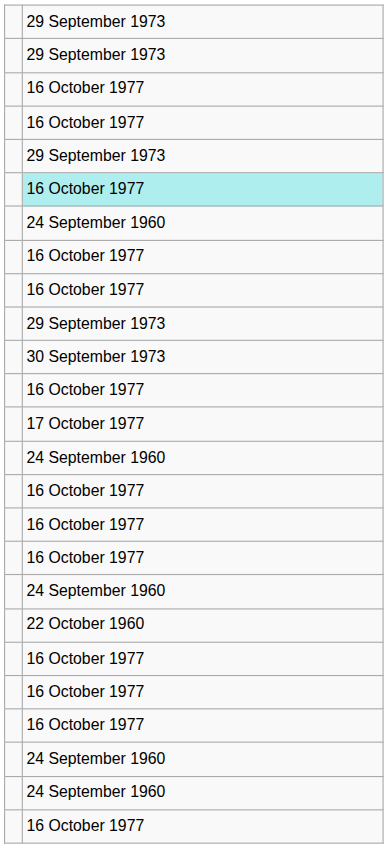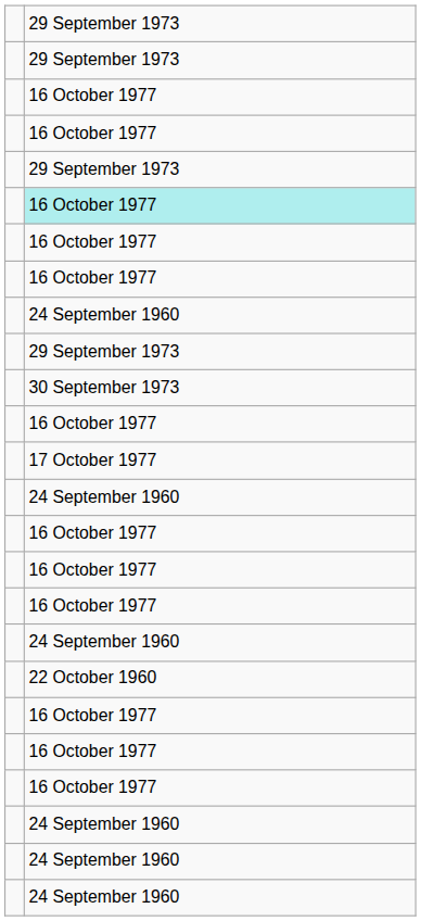 <table class="wikitable" style="font-size: 89%; float: left; width: 24em; margin-right: 1em; line-height: 1.65em">
 <tr>
 <td></td>
 <td>29 September 1973</td>
 </tr>
 <tr>
 <td></td>
 <td>29 September 1973</td>
 </tr>
 <tr>
 <td></td>
 <td>16 October 1977</td>
 </tr>
 <tr>
 <td></td>
 <td>16 October 1977</td>
 </tr>
 <tr>
 <td></td>
 <td>29 September 1973</td>
 </tr>
 <tr>
 <td></td>
 <td style="background: paleturquoise;">16 October 1977</td>
 </tr>
 <tr>
 <td></td>
-<td>24 September 1960</td>
+<td>16 October 1977</td>
 </tr>
 <tr>
 <td></td>
 <td>16 October 1977</td>
 </tr>
 <tr>
 <td></td>
-<td>16 October 1977</td>
+<td>24 September 1960</td>
 </tr>
 <tr>
 <td></td>
 <td>29 September 1973</td>
 </tr>
 <tr>
 <td></td>
 <td>30 September 1973</td>
 </tr>
 <tr>
 <td></td>
 <td>16 October 1977</td>
 </tr>
 <tr>
 <td></td>
 <td>17 October 1977</td>
 </tr>
 <tr>
 <td></td>
 <td>24 September 1960</td>
 </tr>
 <tr>
 <td></td>
 <td>16 October 1977</td>
 </tr>
 <tr>
 <td></td>
 <td>16 October 1977</td>
 </tr>
 <tr>
 <td></td>
 <td>16 October 1977</td>
 </tr>
 <tr>
 <td></td>
 <td>24 September 1960</td>
 </tr>
 <tr>
 <td></td>
 <td>22 October 1960</td>
 </tr>
 <tr>
 <td></td>
 <td>16 October 1977</td>
 </tr>
 <tr>
 <td></td>
 <td>16 October 1977</td>
 </tr>
 <tr>
 <td></td>
 <td>16 October 1977</td>
 </tr>
 <tr>
 <td></td>
 <td>24 September 1960</td>
 </tr>
 <tr>
 <td></td>
 <td>24 September 1960</td>
 </tr>
 <tr>
 <td></td>
-<td>16 October 1977</td>
+<td>24 September 1960</td>
 </tr>
 </table>
